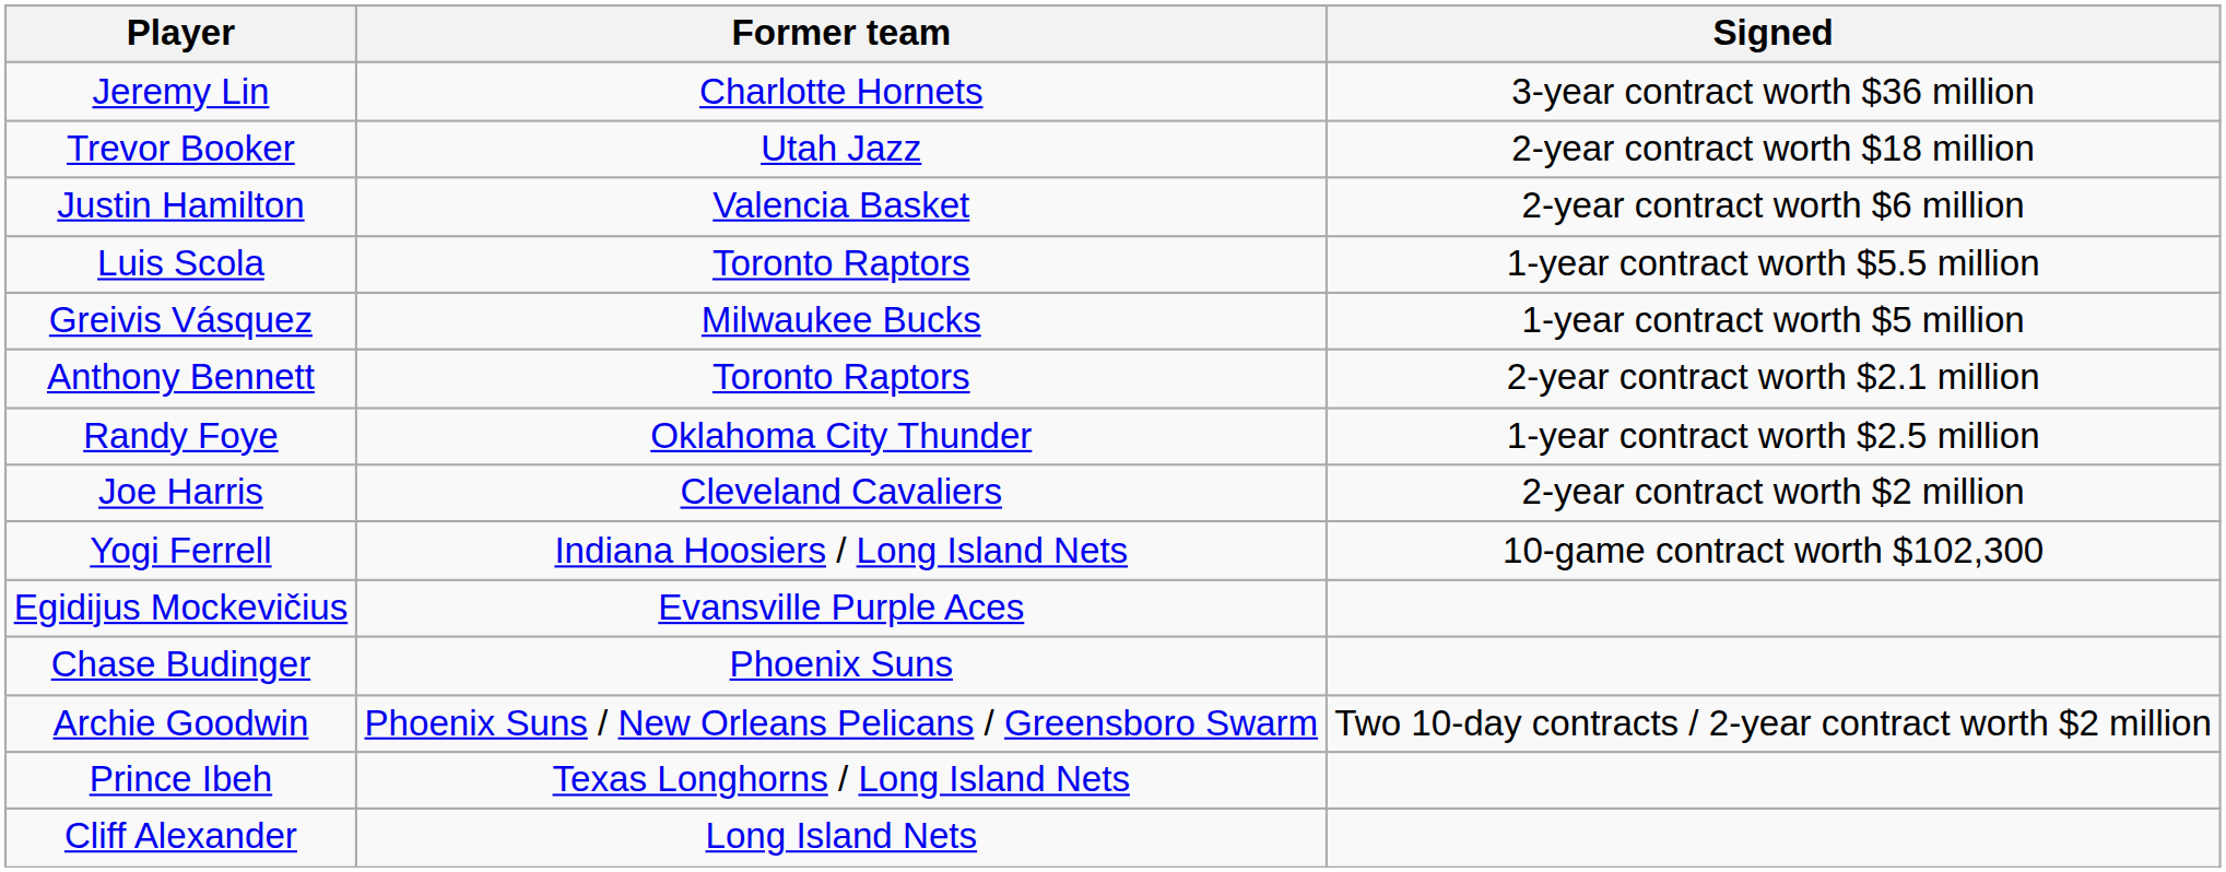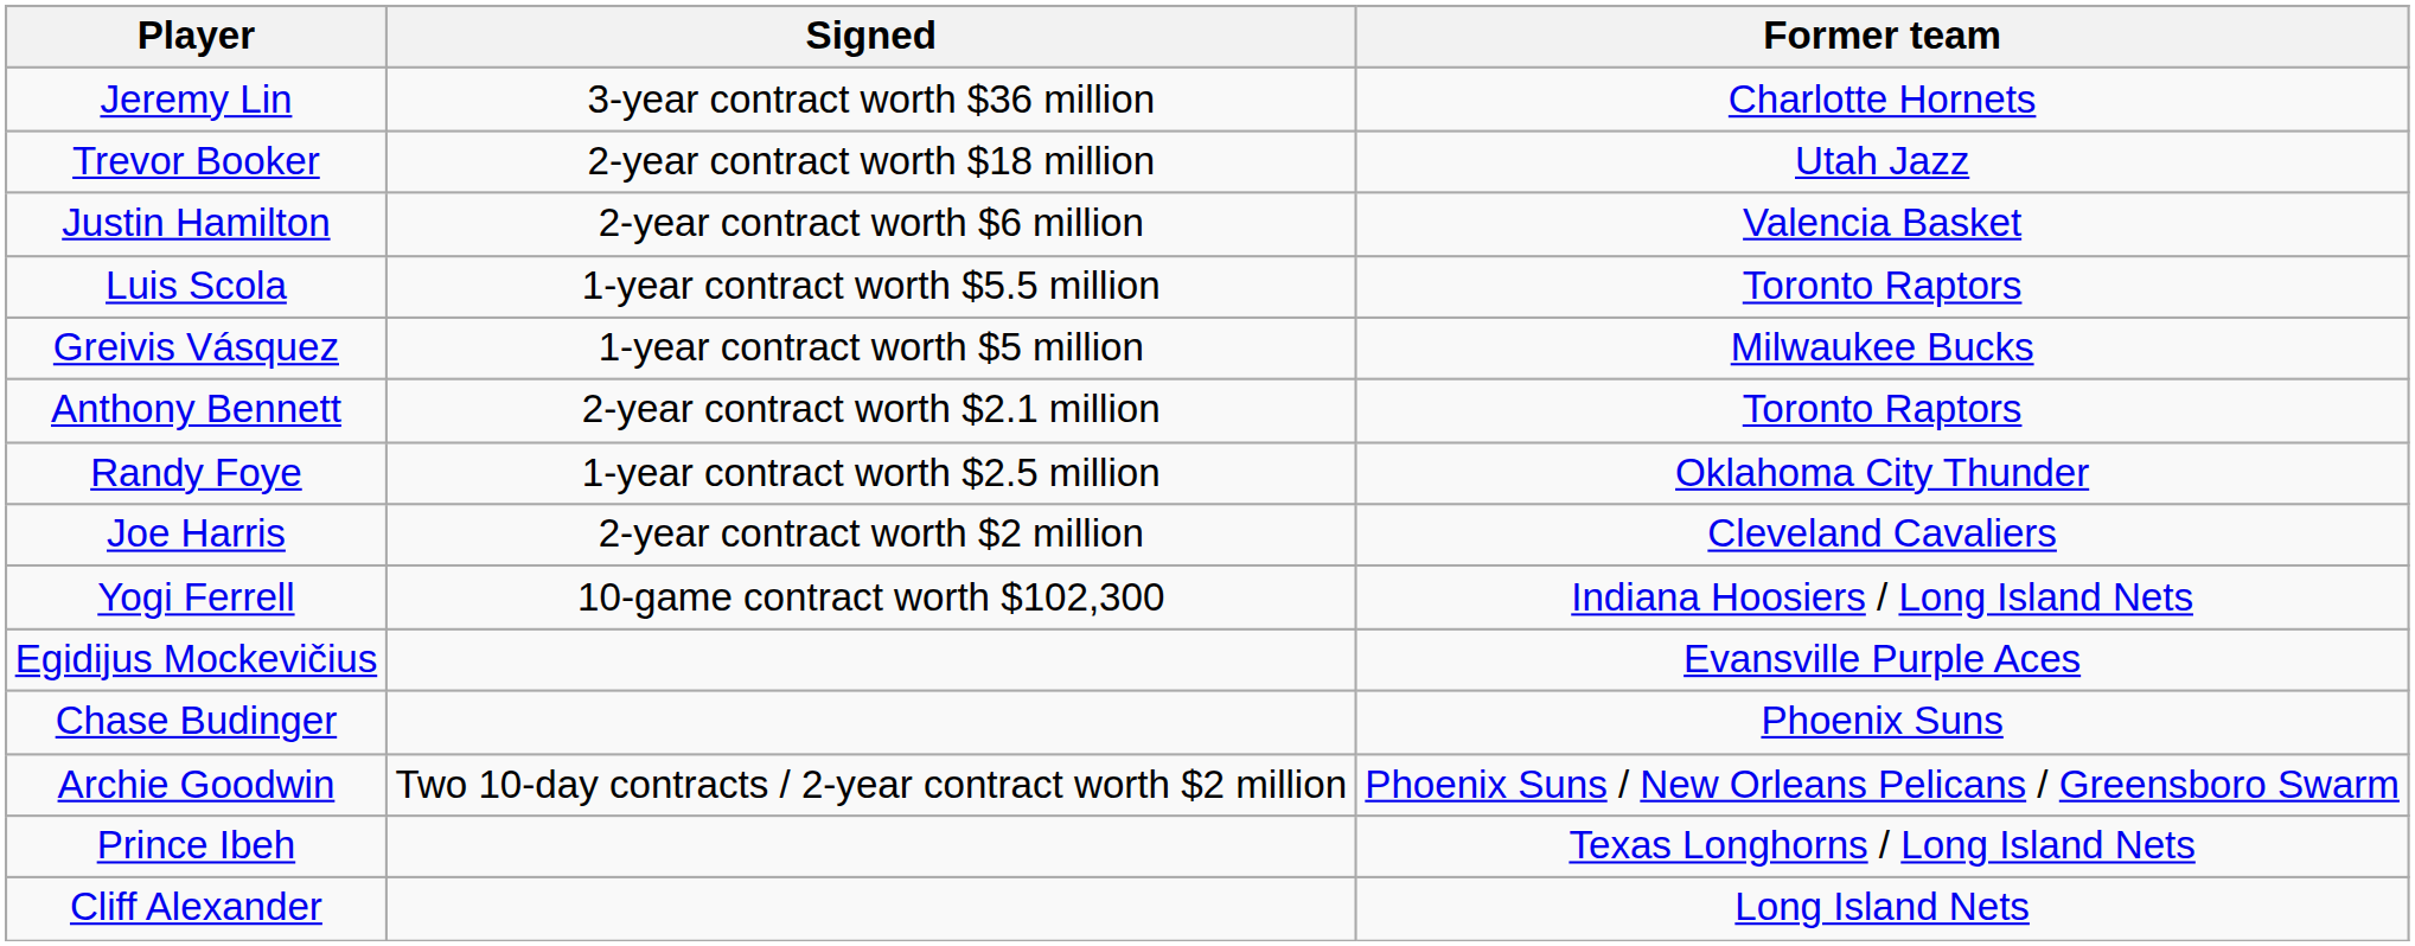 <table class="wikitable sortable sortable" style="text-align: center">
 <tr>
 <th>Player</th>
+<th>Signed</th>
 <th>Former team</th>
-<th>Signed</th>
 </tr>
 <tr style="text-align: center">
 <td><a href='#'>Jeremy Lin</a></td>
+<td>3-year contract worth $36 million</td>
 <td><a href='#'>Charlotte Hornets</a></td>
-<td>3-year contract worth $36 million</td>
 </tr>
 <tr style="text-align: center">
 <td><a href='#'>Trevor Booker</a></td>
+<td>2-year contract worth $18 million</td>
 <td><a href='#'>Utah Jazz</a></td>
-<td>2-year contract worth $18 million</td>
 </tr>
 <tr style="text-align: center">
 <td><a href='#'>Justin Hamilton</a></td>
+<td>2-year contract worth $6 million</td>
 <td> <a href='#'>Valencia Basket</a></td>
-<td>2-year contract worth $6 million</td>
 </tr>
 <tr style="text-align: center">
 <td><a href='#'>Luis Scola</a></td>
+<td>1-year contract worth $5.5 million</td>
 <td><a href='#'>Toronto Raptors</a></td>
-<td>1-year contract worth $5.5 million</td>
 </tr>
 <tr style="text-align: center">
 <td><a href='#'>Greivis Vásquez</a></td>
+<td>1-year contract worth $5 million</td>
 <td><a href='#'>Milwaukee Bucks</a></td>
-<td>1-year contract worth $5 million</td>
 </tr>
 <tr style="text-align: center">
 <td><a href='#'>Anthony Bennett</a></td>
+<td>2-year contract worth $2.1 million</td>
 <td><a href='#'>Toronto Raptors</a></td>
-<td>2-year contract worth $2.1 million</td>
 </tr>
 <tr style="text-align: center">
 <td><a href='#'>Randy Foye</a></td>
+<td>1-year contract worth $2.5 million</td>
 <td><a href='#'>Oklahoma City Thunder</a></td>
-<td>1-year contract worth $2.5 million</td>
 </tr>
 <tr style="text-align: center">
 <td><a href='#'>Joe Harris</a></td>
+<td>2-year contract worth $2 million</td>
 <td><a href='#'>Cleveland Cavaliers</a></td>
-<td>2-year contract worth $2 million</td>
 </tr>
 <tr style="text-align: center">
 <td><a href='#'>Yogi Ferrell</a></td>
+<td>10-game contract worth $102,300</td>
 <td><a href='#'>Indiana Hoosiers</a> / <a href='#'>Long Island Nets</a></td>
-<td>10-game contract worth $102,300</td>
 </tr>
 <tr style="text-align: center">
 <td><a href='#'>Egidijus Mockevičius</a></td>
+<td></td>
 <td><a href='#'>Evansville Purple Aces</a></td>
-<td></td>
 </tr>
 <tr style="text-align: center">
 <td><a href='#'>Chase Budinger</a></td>
+<td></td>
 <td><a href='#'>Phoenix Suns</a></td>
-<td></td>
 </tr>
 <tr style="text-align: center">
 <td><a href='#'>Archie Goodwin</a></td>
+<td>Two 10-day contracts / 2-year contract worth $2 million</td>
 <td><a href='#'>Phoenix Suns</a> / <a href='#'>New Orleans Pelicans</a> / <a href='#'>Greensboro Swarm</a></td>
-<td>Two 10-day contracts / 2-year contract worth $2 million</td>
 </tr>
 <tr style="text-align: center">
 <td><a href='#'>Prince Ibeh</a></td>
+<td></td>
 <td><a href='#'>Texas Longhorns</a> / <a href='#'>Long Island Nets</a></td>
-<td></td>
 </tr>
 <tr style="text-align: center">
 <td><a href='#'>Cliff Alexander</a></td>
+<td></td>
 <td><a href='#'>Long Island Nets</a></td>
-<td></td>
 </tr>
 </table>
